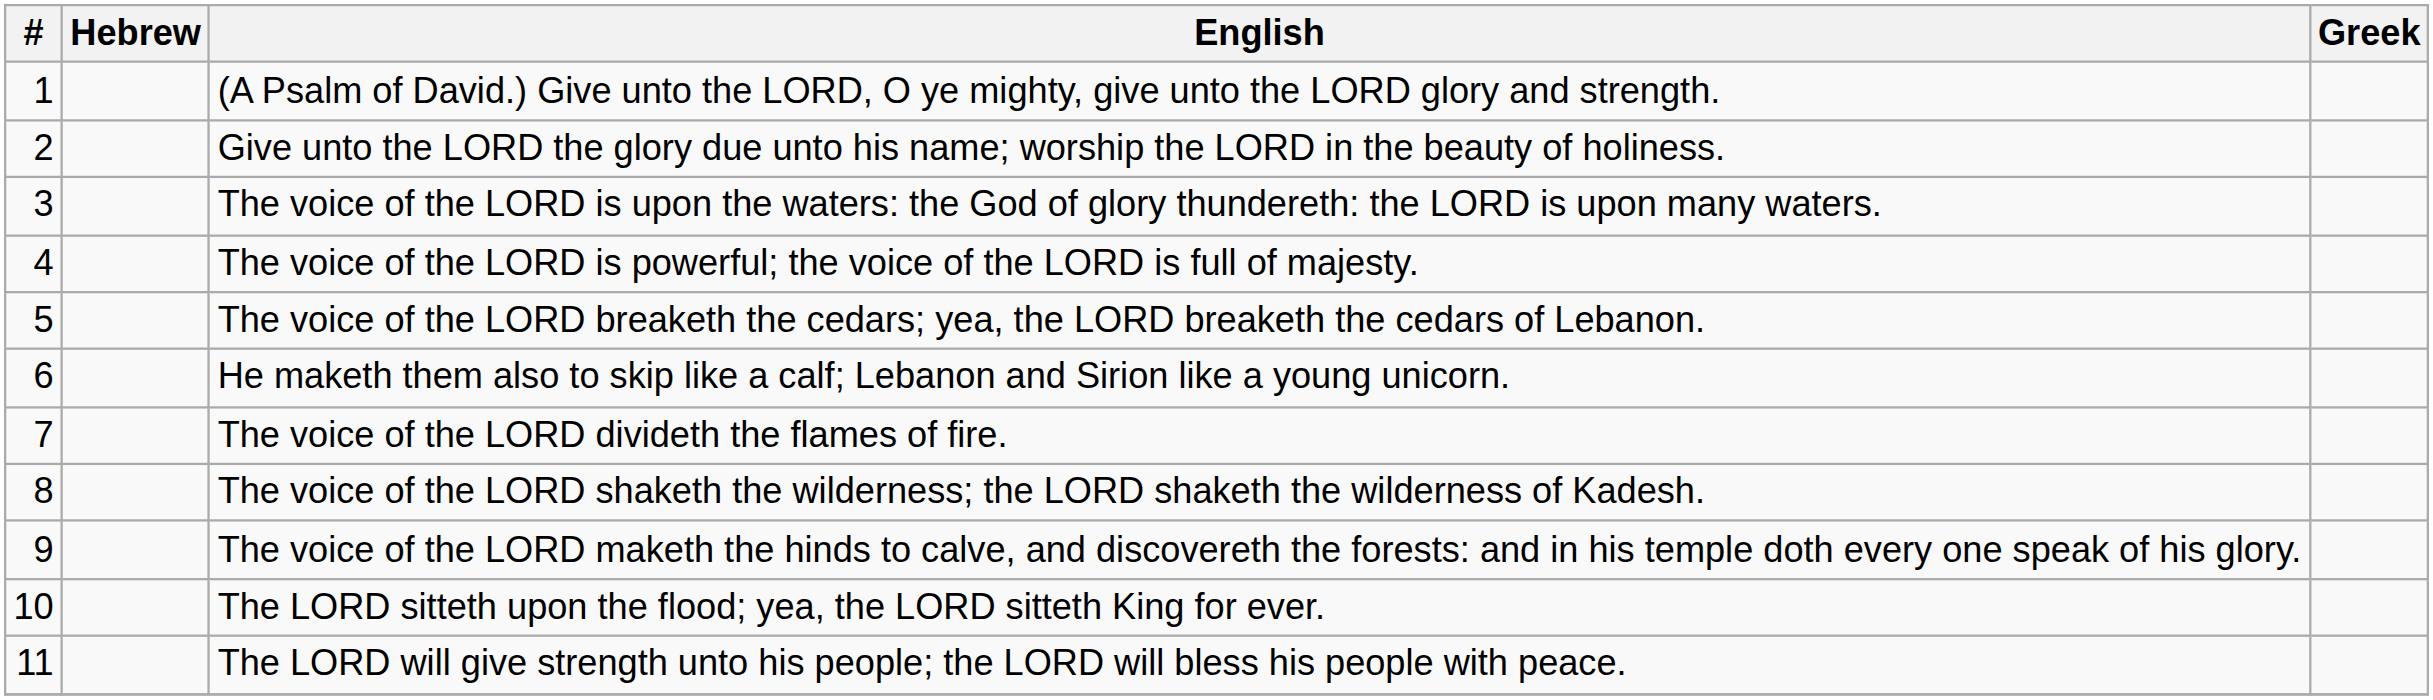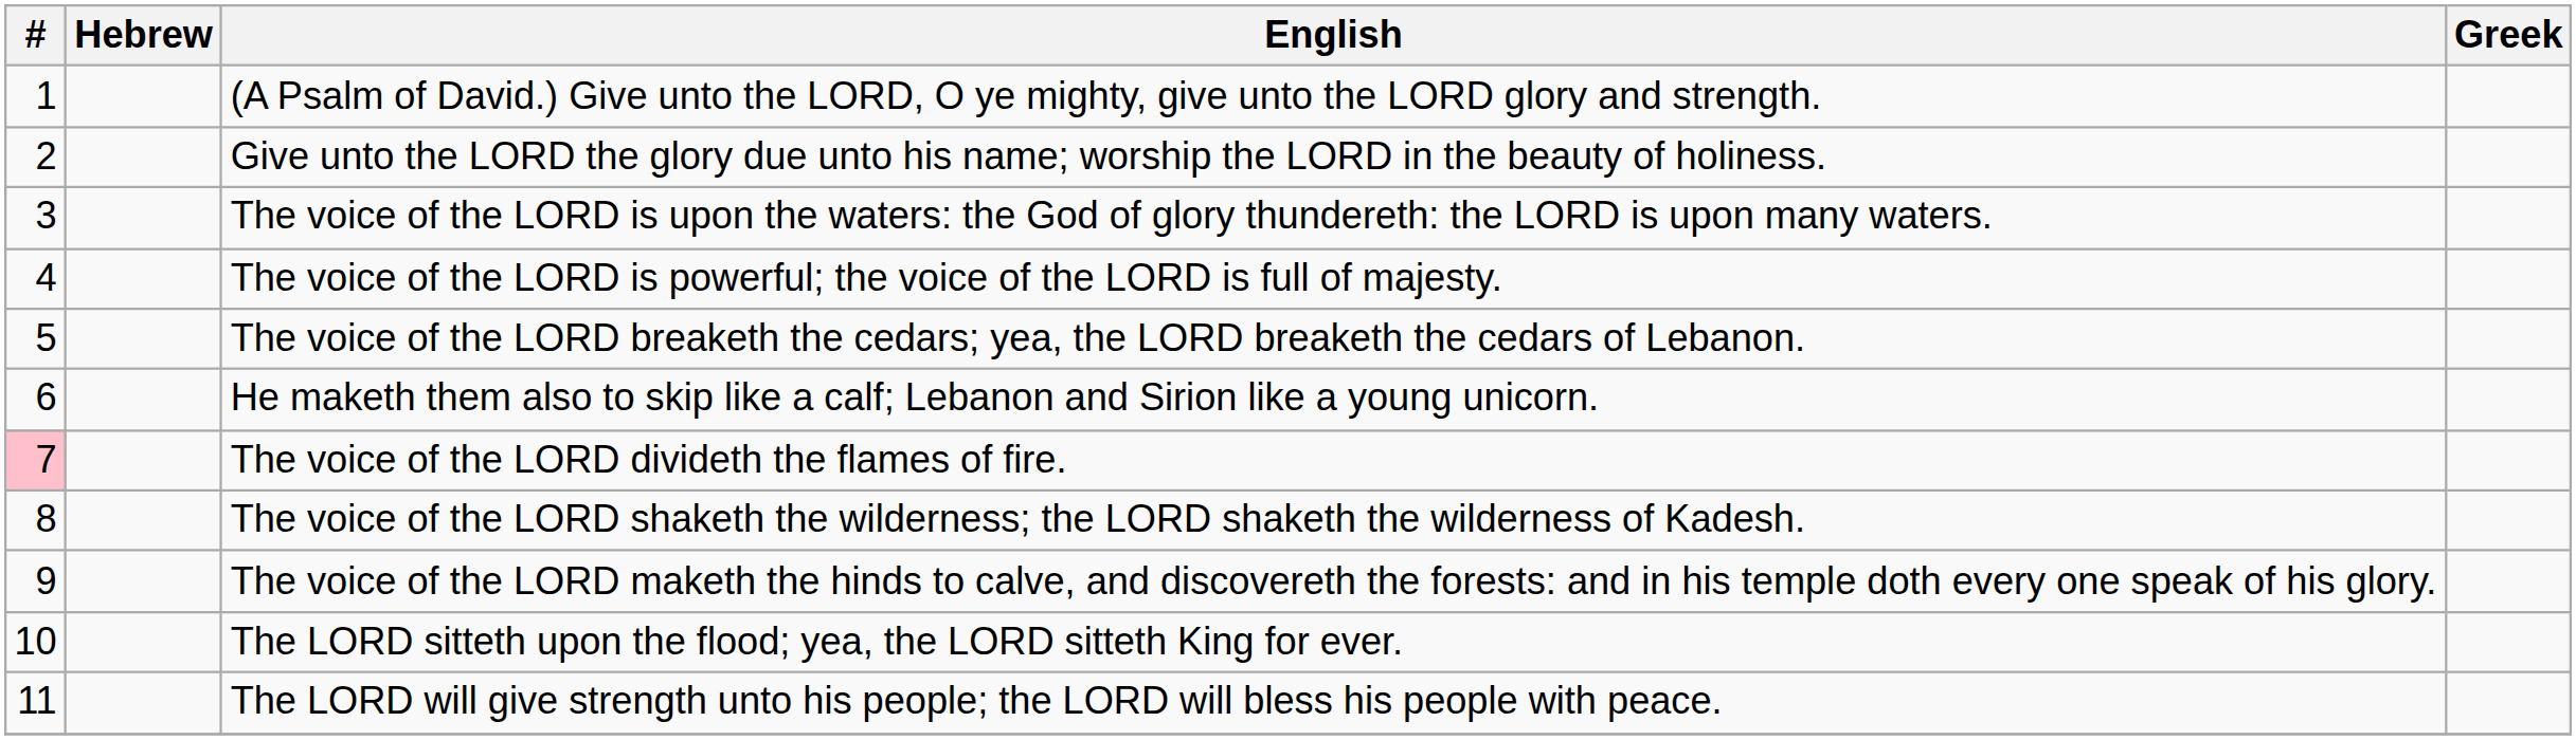 <table class=wikitable>
 <tr>
 <th>#</th>
 <th>Hebrew</th>
 <th>English</th>
 <th>Greek</th>
 </tr>
 <tr>
 <td style="text-align:right">1</td>
 <td style="text-align:right"></td>
 <td>(A Psalm of David.) Give unto the LORD, O ye mighty, give unto the LORD glory and strength.</td>
 <td></td>
 </tr>
 <tr>
 <td style="text-align:right">2</td>
 <td style="text-align:right"></td>
 <td>Give unto the LORD the glory due unto his name; worship the LORD in the beauty of holiness.</td>
 <td></td>
 </tr>
 <tr>
 <td style="text-align:right">3</td>
 <td style="text-align:right"></td>
 <td>The voice of the LORD is upon the waters: the God of glory thundereth: the LORD is upon many waters.</td>
 <td></td>
 </tr>
 <tr>
 <td style="text-align:right">4</td>
 <td style="text-align:right"></td>
 <td>The voice of the LORD is powerful; the voice of the LORD is full of majesty.</td>
 <td></td>
 </tr>
 <tr>
 <td style="text-align:right">5</td>
 <td style="text-align:right"></td>
 <td>The voice of the LORD breaketh the cedars; yea, the LORD breaketh the cedars of Lebanon.</td>
 <td></td>
 </tr>
 <tr>
 <td style="text-align:right">6</td>
 <td style="text-align:right"></td>
 <td>He maketh them also to skip like a calf; Lebanon and Sirion like a young unicorn.</td>
 <td></td>
 </tr>
 <tr>
-<td style="text-align:right">7</td>
+<td style="background: pink; text-align:right">7</td>
 <td style="text-align:right"></td>
 <td>The voice of the LORD divideth the flames of fire.</td>
 <td></td>
 </tr>
 <tr>
 <td style="text-align:right">8</td>
 <td style="text-align:right"></td>
 <td>The voice of the LORD shaketh the wilderness; the LORD shaketh the wilderness of Kadesh.</td>
 <td></td>
 </tr>
 <tr>
 <td style="text-align:right">9</td>
 <td style="text-align:right"></td>
 <td>The voice of the LORD maketh the hinds to calve, and discovereth the forests: and in his temple doth every one speak of his glory.</td>
 <td></td>
 </tr>
 <tr>
 <td style="text-align:right">10</td>
 <td style="text-align:right"></td>
 <td>The LORD sitteth upon the flood; yea, the LORD sitteth King for ever.</td>
 <td></td>
 </tr>
 <tr>
 <td style="text-align:right">11</td>
 <td style="text-align:right"></td>
 <td>The LORD will give strength unto his people; the LORD will bless his people with peace.</td>
 <td></td>
 </tr>
 <tr>
 </tr>
 </table>
